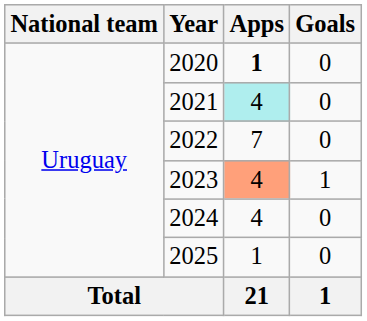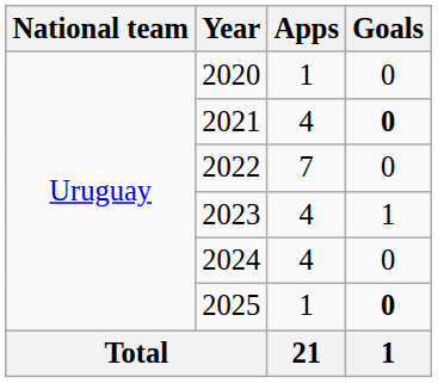 <table class="wikitable" style="text-align:center">
 <tr>
 <th>National team</th>
 <th>Year</th>
 <th>Apps</th>
 <th>Goals</th>
 </tr>
 <tr>
 <td rowspan="6"><a href='#'>Uruguay</a></td>
 <td>2020</td>
-<td><strong>1</strong></td>
+<td>1</td>
 <td>0</td>
 </tr>
 <tr>
 <td>2021</td>
-<td style="background: paleturquoise;">4</td>
-<td>0</td>
+<td>4</td>
+<td><strong>0</strong></td>
 </tr>
 <tr>
 <td>2022</td>
 <td>7</td>
 <td>0</td>
 </tr>
 <tr>
 <td>2023</td>
-<td style="background: lightsalmon;">4</td>
+<td>4</td>
 <td>1</td>
 </tr>
 <tr>
 <td>2024</td>
 <td>4</td>
 <td>0</td>
 </tr>
 <tr>
 <td>2025</td>
 <td>1</td>
-<td>0</td>
+<td><strong>0</strong></td>
 </tr>
 <tr>
 <th colspan="2">Total</th>
 <th>21</th>
 <th>1</th>
 </tr>
 </table>
